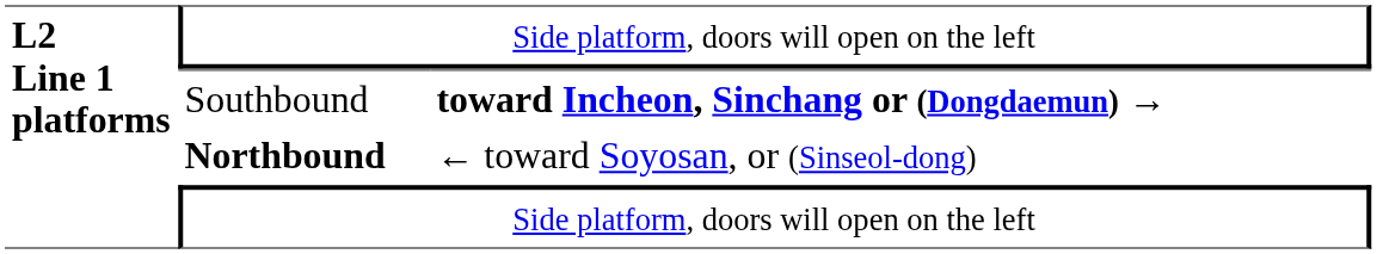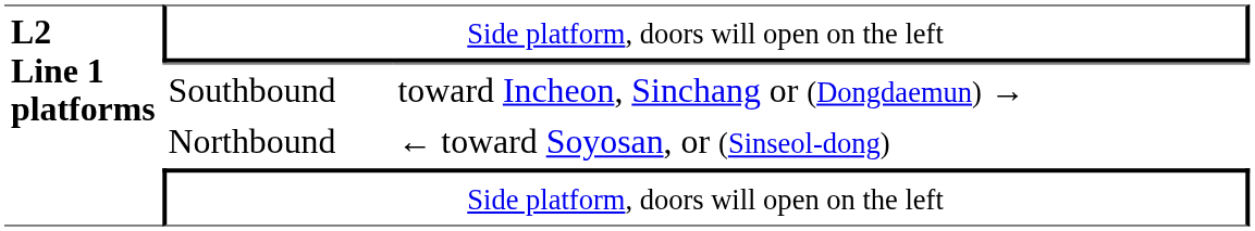 <table table border=0 cellspacing=0 cellpadding=3>
 <tr>
 <td style="border-top:solid 1px gray;border-bottom:solid 1px gray;" width=50 rowspan=10 valign=top><strong>L2<br>Line 1 platforms</strong></td>
 <td style="border-top:solid 1px gray;border-right:solid 2px black;border-left:solid 2px black;border-bottom:solid 2px black;text-align:center;" colspan=2><small><a href='#'>Side platform</a>, doors will open on the left</small></td>
 </tr>
 <tr>
 <td style="border-bottom:solid 0px gray;border-top:solid 1px gray;" width=100>Southbound</td>
-<td style="border-bottom:solid 0px gray;border-top:solid 1px gray;" width=390><strong>  toward <a href='#'>Incheon</a>, <a href='#'>Sinchang</a> or  <small>(<a href='#'>Dongdaemun</a>)</small> →</strong></td>
+<td style="border-bottom:solid 0px gray;border-top:solid 1px gray;" width=390>  toward <a href='#'>Incheon</a>, <a href='#'>Sinchang</a> or  <small>(<a href='#'>Dongdaemun</a>)</small> →</td>
 </tr>
 <tr>
-<td><strong>Northbound</strong></td>
+<td>Northbound</td>
 <td>←  toward <a href='#'>Soyosan</a>,  or  <small>(<a href='#'>Sinseol-dong</a>)</small></td>
 </tr>
 <tr>
 <td style="border-top:solid 2px black;border-right:solid 2px black;border-left:solid 2px black;border-bottom:solid 1px gray;text-align:center;" colspan=2><small><a href='#'>Side platform</a>, doors will open on the left</small></td>
 </tr>
 </table>
